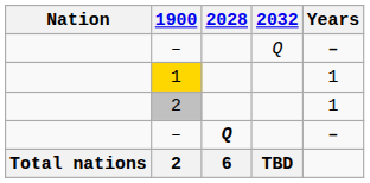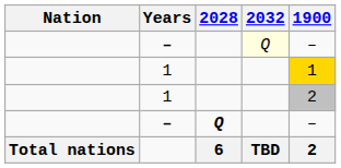 <table class="wikitable" style="text-align:center">
 <tr>
 <th>Nation</th>
-<th><a href='#'>1900</a></th>
+<th>Years</th>
 <th><a href='#'>2028</a></th>
 <th><a href='#'>2032</a></th>
-<th>Years</th>
+<th><a href='#'>1900</a></th>
 </tr>
 <tr>
 <td align=left><strong></strong></td>
+<td><strong>–</strong></td>
+<td></td>
+<td style="background: lightyellow;"><em>Q</em></td>
 <td>–</td>
-<td></td>
-<td><em>Q</em></td>
-<td><strong>–</strong></td>
 </tr>
 <tr>
 <td align=left></td>
-<td bgcolor=gold>1</td>
+<td>1</td>
 <td></td>
 <td></td>
-<td>1</td>
+<td bgcolor=gold>1</td>
 </tr>
 <tr>
 <td align=left><strong></strong></td>
-<td bgcolor=silver>2</td>
+<td>1</td>
 <td></td>
 <td></td>
-<td>1</td>
+<td bgcolor=silver>2</td>
 </tr>
 <tr>
 <td align=left><strong></strong></td>
-<td>–</td>
+<td><strong>–</strong></td>
 <td><strong><em>Q</em></strong></td>
 <td></td>
-<td><strong>–</strong></td>
+<td>–</td>
 </tr>
 <tr>
 <th align=left><strong>Total nations</strong></th>
-<th>2</th>
+<td></td>
 <th>6</th>
 <th>TBD</th>
-<td></td>
+<th>2</th>
 </tr>
 </table>
